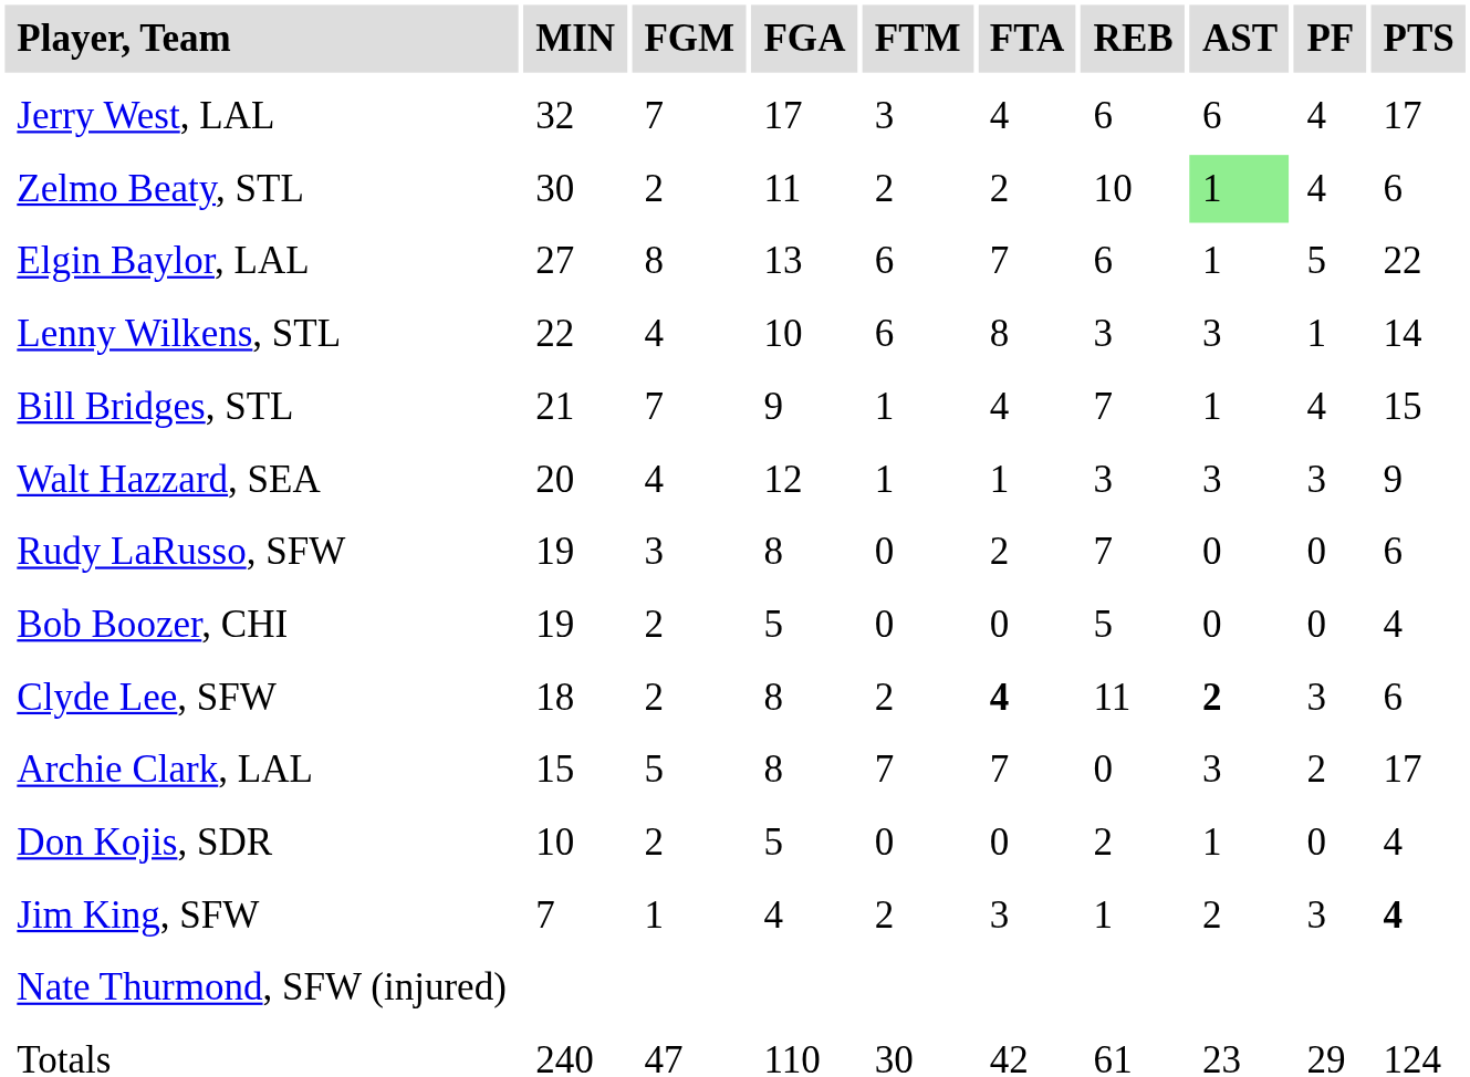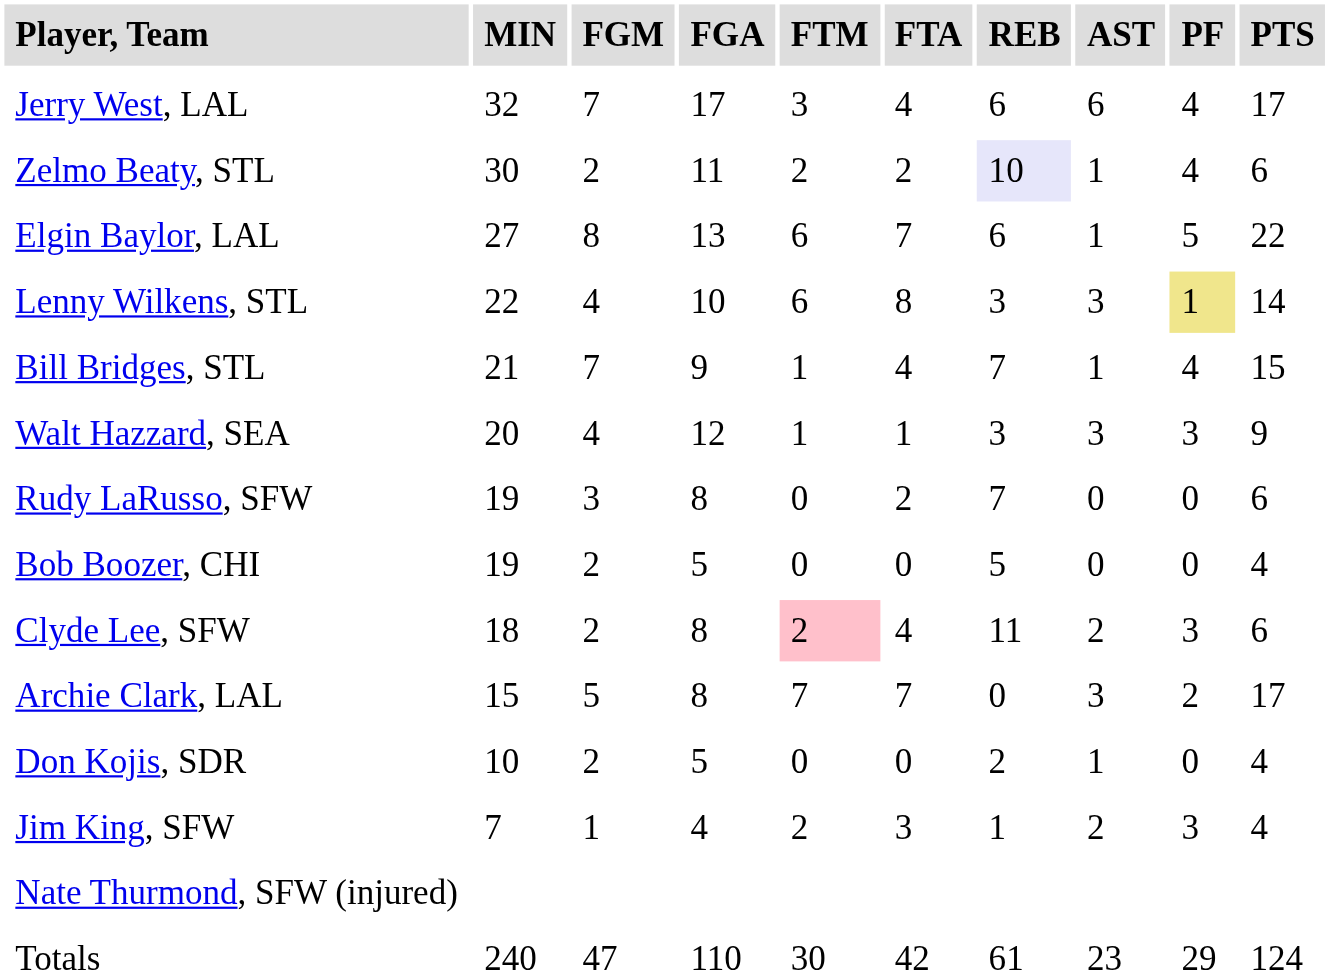 <table cellpadding=5>
 <tr bgcolor="#dddddd">
 <td><strong>Player, Team</strong></td>
 <td><strong>MIN</strong></td>
 <td><strong>FGM</strong></td>
 <td><strong>FGA</strong></td>
 <td><strong>FTM</strong></td>
 <td><strong>FTA</strong></td>
 <td><strong>REB</strong></td>
 <td><strong>AST</strong></td>
 <td><strong>PF</strong></td>
 <td><strong>PTS</strong></td>
 </tr>
 <tr bgcolor="#eeeeee">
 </tr>
 <tr>
 <td><a href='#'>Jerry West</a>, LAL</td>
 <td>32</td>
 <td>7</td>
 <td>17</td>
 <td>3</td>
 <td>4</td>
 <td>6</td>
 <td>6</td>
 <td>4</td>
 <td>17</td>
 </tr>
 <tr>
 <td><a href='#'>Zelmo Beaty</a>, STL</td>
 <td>30</td>
 <td>2</td>
 <td>11</td>
 <td>2</td>
 <td>2</td>
-<td>10</td>
-<td style="background: lightgreen;">1</td>
+<td style="background: lavender;">10</td>
+<td>1</td>
 <td>4</td>
 <td>6</td>
 </tr>
 <tr>
 <td><a href='#'>Elgin Baylor</a>, LAL</td>
 <td>27</td>
 <td>8</td>
 <td>13</td>
 <td>6</td>
 <td>7</td>
 <td>6</td>
 <td>1</td>
 <td>5</td>
 <td>22</td>
 </tr>
 <tr>
 <td><a href='#'>Lenny Wilkens</a>, STL</td>
 <td>22</td>
 <td>4</td>
 <td>10</td>
 <td>6</td>
 <td>8</td>
 <td>3</td>
 <td>3</td>
-<td>1</td>
+<td style="background: khaki;">1</td>
 <td>14</td>
 </tr>
 <tr>
 <td><a href='#'>Bill Bridges</a>, STL</td>
 <td>21</td>
 <td>7</td>
 <td>9</td>
 <td>1</td>
 <td>4</td>
 <td>7</td>
 <td>1</td>
 <td>4</td>
 <td>15</td>
 </tr>
 <tr>
 <td><a href='#'>Walt Hazzard</a>, SEA</td>
 <td>20</td>
 <td>4</td>
 <td>12</td>
 <td>1</td>
 <td>1</td>
 <td>3</td>
 <td>3</td>
 <td>3</td>
 <td>9</td>
 </tr>
 <tr>
 <td><a href='#'>Rudy LaRusso</a>, SFW</td>
 <td>19</td>
 <td>3</td>
 <td>8</td>
 <td>0</td>
 <td>2</td>
 <td>7</td>
 <td>0</td>
 <td>0</td>
 <td>6</td>
 </tr>
 <tr>
 <td><a href='#'>Bob Boozer</a>, CHI</td>
 <td>19</td>
 <td>2</td>
 <td>5</td>
 <td>0</td>
 <td>0</td>
 <td>5</td>
 <td>0</td>
 <td>0</td>
 <td>4</td>
 </tr>
 <tr>
 <td><a href='#'>Clyde Lee</a>, SFW</td>
 <td>18</td>
 <td>2</td>
 <td>8</td>
+<td style="background: pink;">2</td>
+<td>4</td>
+<td>11</td>
 <td>2</td>
-<td><strong>4</strong></td>
-<td>11</td>
-<td><strong>2</strong></td>
 <td>3</td>
 <td>6</td>
 </tr>
 <tr>
 <td><a href='#'>Archie Clark</a>, LAL</td>
 <td>15</td>
 <td>5</td>
 <td>8</td>
 <td>7</td>
 <td>7</td>
 <td>0</td>
 <td>3</td>
 <td>2</td>
 <td>17</td>
 </tr>
 <tr>
 <td><a href='#'>Don Kojis</a>, SDR</td>
 <td>10</td>
 <td>2</td>
 <td>5</td>
 <td>0</td>
 <td>0</td>
 <td>2</td>
 <td>1</td>
 <td>0</td>
 <td>4</td>
 </tr>
 <tr>
 <td><a href='#'>Jim King</a>, SFW</td>
 <td>7</td>
 <td>1</td>
 <td>4</td>
 <td>2</td>
 <td>3</td>
 <td>1</td>
 <td>2</td>
 <td>3</td>
-<td><strong>4</strong></td>
+<td>4</td>
 </tr>
 <tr>
 <td><a href='#'>Nate Thurmond</a>, SFW (injured)</td>
 </tr>
 <tr>
 <td>Totals</td>
 <td>240</td>
 <td>47</td>
 <td>110</td>
 <td>30</td>
 <td>42</td>
 <td>61</td>
 <td>23</td>
 <td>29</td>
 <td>124</td>
 </tr>
 <tr>
 </tr>
 </table>
